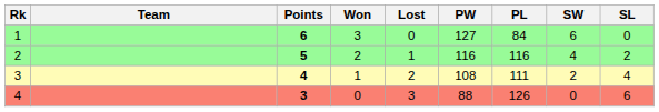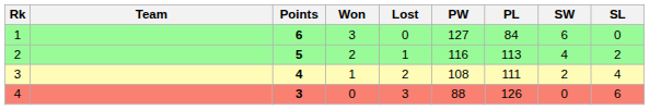 <table class=wikitable style=text-align:center>
 <tr>
 <th width=25>Rk</th>
 <th width=300>Team</th>
 <th width=60>Points</th>
 <th width=60>Won</th>
 <th width=60>Lost</th>
 <th width=60>PW</th>
 <th width=60>PL</th>
 <th width=60>SW</th>
 <th width=60>SL</th>
 </tr>
 <tr style="background: #98fb98">
 <td>1</td>
 <td align=left></td>
 <td><strong>6</strong></td>
 <td>3</td>
 <td>0</td>
 <td>127</td>
 <td>84</td>
 <td>6</td>
 <td>0</td>
 </tr>
 <tr style="background: #98fb98">
 <td>2</td>
 <td align=left></td>
 <td><strong>5</strong></td>
 <td>2</td>
 <td>1</td>
 <td>116</td>
-<td>116</td>
+<td>113</td>
 <td>4</td>
 <td>2</td>
 </tr>
 <tr style="background: #fffcb7">
 <td>3</td>
 <td align=left></td>
 <td><strong>4</strong></td>
 <td>1</td>
 <td>2</td>
 <td>108</td>
 <td>111</td>
 <td>2</td>
 <td>4</td>
 </tr>
 <tr style="background: salmon">
 <td>4</td>
 <td align=left></td>
 <td><strong>3</strong></td>
 <td>0</td>
 <td>3</td>
 <td>88</td>
 <td>126</td>
 <td>0</td>
 <td>6</td>
 </tr>
 </table>
